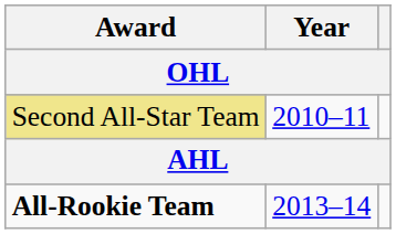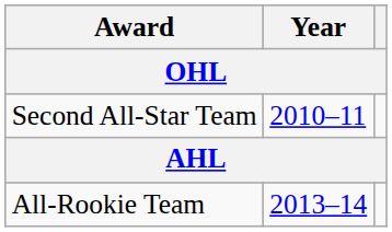 <table class="wikitable">
 <tr>
 <th>Award</th>
 <th>Year</th>
 <th></th>
 </tr>
 <tr>
 <th colspan="3"><a href='#'>OHL</a></th>
 </tr>
 <tr>
-<td style="background: khaki;">Second All-Star Team</td>
+<td>Second All-Star Team</td>
 <td><a href='#'>2010–11</a></td>
 <td></td>
 </tr>
 <tr>
 <th colspan="3"><a href='#'>AHL</a></th>
 </tr>
 <tr>
-<td><strong>All-Rookie Team</strong></td>
+<td>All-Rookie Team</td>
 <td><a href='#'>2013–14</a></td>
 <td></td>
 </tr>
 </table>
